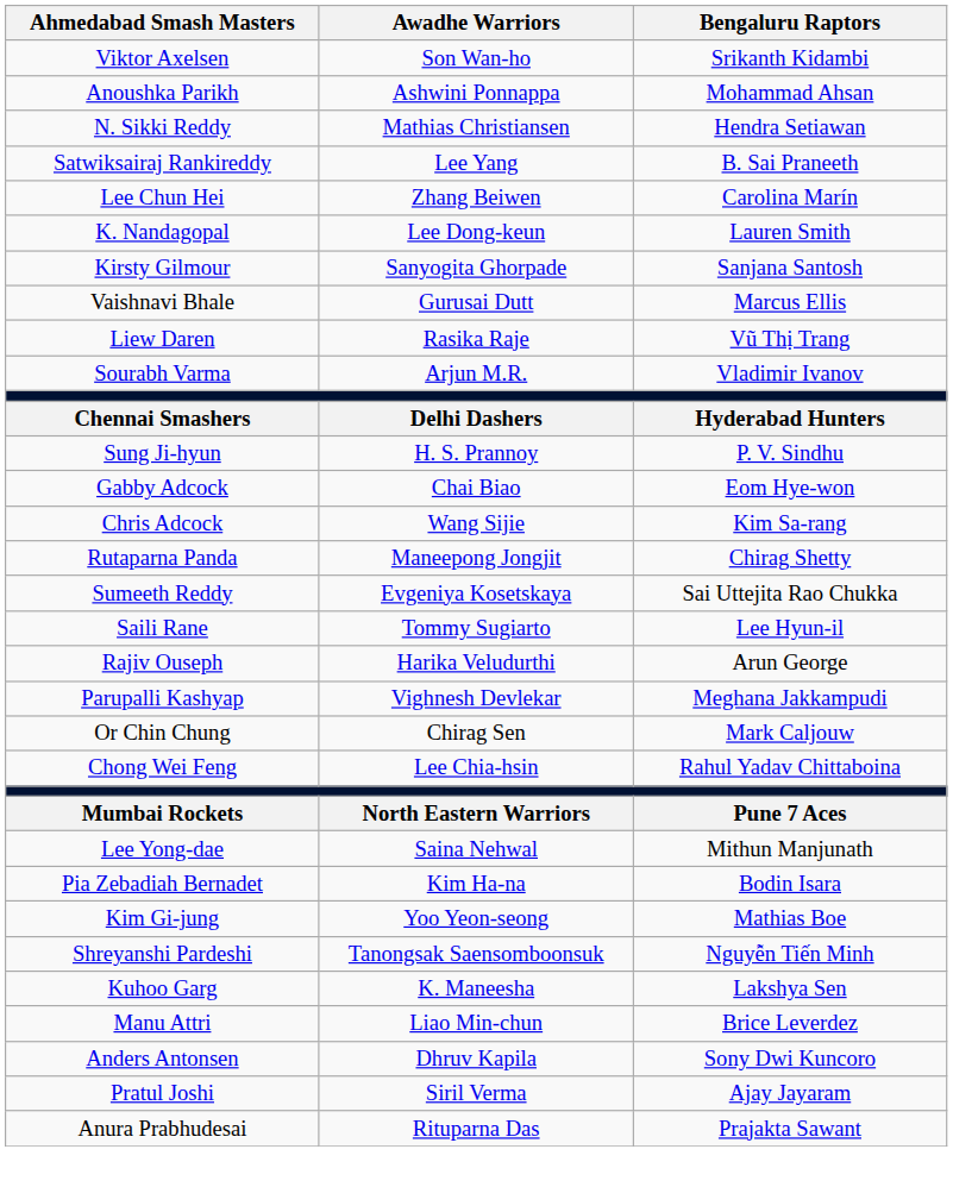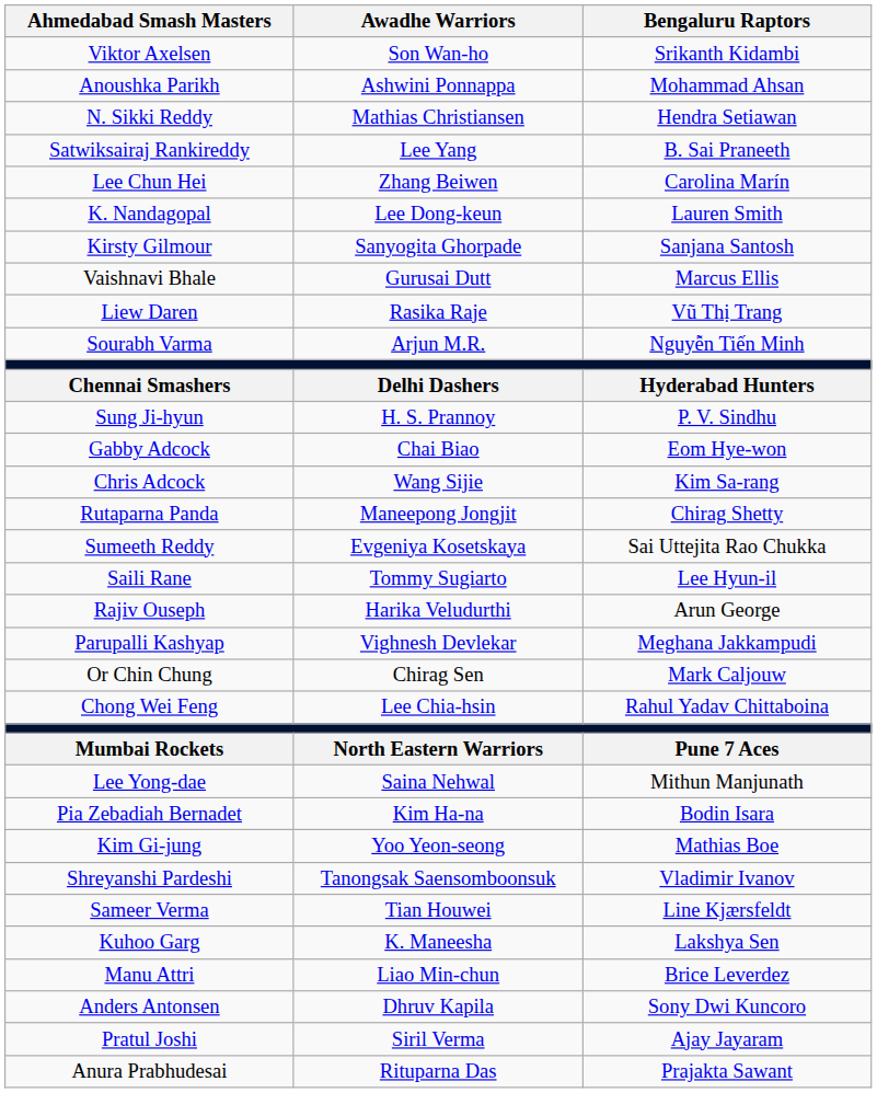 <table class="wikitable" style="text-align:center;">
 <tr>
 <th style="width: 220px;">Ahmedabad Smash Masters</th>
 <th style="width: 220px;">Awadhe Warriors</th>
 <th style="width: 220px;">Bengaluru Raptors</th>
 </tr>
 <tr>
 <td> <a href='#'>Viktor Axelsen</a></td>
 <td> <a href='#'>Son Wan-ho</a></td>
 <td> <a href='#'>Srikanth Kidambi</a></td>
 </tr>
 <tr>
 <td> <a href='#'>Anoushka Parikh</a></td>
 <td> <a href='#'>Ashwini Ponnappa</a></td>
 <td> <a href='#'>Mohammad Ahsan</a></td>
 </tr>
 <tr>
 <td> <a href='#'>N. Sikki Reddy</a></td>
 <td> <a href='#'>Mathias Christiansen</a></td>
 <td> <a href='#'>Hendra Setiawan</a></td>
 </tr>
 <tr>
 <td> <a href='#'>Satwiksairaj Rankireddy</a></td>
 <td> <a href='#'>Lee Yang</a></td>
 <td> <a href='#'>B. Sai Praneeth</a></td>
 </tr>
 <tr>
 <td> <a href='#'>Lee Chun Hei</a></td>
 <td> <a href='#'>Zhang Beiwen</a></td>
 <td> <a href='#'>Carolina Marín</a></td>
 </tr>
 <tr>
 <td> <a href='#'>K. Nandagopal</a></td>
 <td> <a href='#'>Lee Dong-keun</a></td>
 <td> <a href='#'>Lauren Smith</a></td>
 </tr>
 <tr>
 <td> <a href='#'>Kirsty Gilmour</a></td>
 <td> <a href='#'>Sanyogita Ghorpade</a></td>
 <td> <a href='#'>Sanjana Santosh</a></td>
 </tr>
 <tr>
 <td> Vaishnavi Bhale</td>
 <td> <a href='#'>Gurusai Dutt</a></td>
 <td> <a href='#'>Marcus Ellis</a></td>
 </tr>
 <tr>
 <td> <a href='#'>Liew Daren</a></td>
 <td> <a href='#'>Rasika Raje</a></td>
 <td> <a href='#'>Vũ Thị Trang</a></td>
 </tr>
 <tr>
 <td> <a href='#'>Sourabh Varma</a></td>
 <td> <a href='#'>Arjun M.R.</a></td>
-<td> <a href='#'>Vladimir Ivanov</a></td>
+<td> <a href='#'>Nguyễn Tiến Minh</a></td>
 </tr>
 <tr>
 <td colspan="3" style="background:#013;"></td>
 </tr>
 <tr>
 <th>Chennai Smashers</th>
 <th>Delhi Dashers</th>
 <th>Hyderabad Hunters</th>
 </tr>
 <tr>
 <td> <a href='#'>Sung Ji-hyun</a></td>
 <td> <a href='#'>H. S. Prannoy</a></td>
 <td> <a href='#'>P. V. Sindhu</a></td>
 </tr>
 <tr>
 <td> <a href='#'>Gabby Adcock</a></td>
 <td> <a href='#'>Chai Biao</a></td>
 <td> <a href='#'>Eom Hye-won</a></td>
 </tr>
 <tr>
 <td> <a href='#'>Chris Adcock</a></td>
 <td> <a href='#'>Wang Sijie</a></td>
 <td> <a href='#'>Kim Sa-rang</a></td>
 </tr>
 <tr>
 <td> <a href='#'>Rutaparna Panda</a></td>
 <td> <a href='#'>Maneepong Jongjit</a></td>
 <td> <a href='#'>Chirag Shetty</a></td>
 </tr>
 <tr>
 <td> <a href='#'>Sumeeth Reddy</a></td>
 <td> <a href='#'>Evgeniya Kosetskaya</a></td>
 <td> Sai Uttejita Rao Chukka</td>
 </tr>
 <tr>
 <td> <a href='#'>Saili Rane</a></td>
 <td> <a href='#'>Tommy Sugiarto</a></td>
 <td> <a href='#'>Lee Hyun-il</a></td>
 </tr>
 <tr>
 <td> <a href='#'>Rajiv Ouseph</a></td>
 <td> <a href='#'>Harika Veludurthi</a></td>
 <td> Arun George</td>
 </tr>
 <tr>
 <td> <a href='#'>Parupalli Kashyap</a></td>
 <td> <a href='#'>Vighnesh Devlekar</a></td>
 <td> <a href='#'>Meghana Jakkampudi</a></td>
 </tr>
 <tr>
 <td> Or Chin Chung</td>
 <td> Chirag Sen</td>
 <td> <a href='#'>Mark Caljouw</a></td>
 </tr>
 <tr>
 <td> <a href='#'>Chong Wei Feng</a></td>
 <td> <a href='#'>Lee Chia-hsin</a></td>
 <td> <a href='#'>Rahul Yadav Chittaboina</a></td>
 </tr>
 <tr>
 <td colspan="3" style="background:#013;"></td>
 </tr>
 <tr>
 <th style="width: 220px;">Mumbai Rockets</th>
 <th style="width: 220px;">North Eastern Warriors</th>
 <th style="width: 220px;">Pune 7 Aces</th>
 </tr>
 <tr>
 <td> <a href='#'>Lee Yong-dae</a></td>
 <td> <a href='#'>Saina Nehwal</a></td>
 <td> Mithun Manjunath</td>
 </tr>
 <tr>
 <td> <a href='#'>Pia Zebadiah Bernadet</a></td>
 <td> <a href='#'>Kim Ha-na</a></td>
 <td> <a href='#'>Bodin Isara</a></td>
 </tr>
 <tr>
 <td> <a href='#'>Kim Gi-jung</a></td>
 <td> <a href='#'>Yoo Yeon-seong</a></td>
 <td> <a href='#'>Mathias Boe</a></td>
 </tr>
 <tr>
 <td> <a href='#'>Shreyanshi Pardeshi</a></td>
 <td> <a href='#'>Tanongsak Saensomboonsuk</a></td>
-<td> <a href='#'>Nguyễn Tiến Minh</a></td>
+<td> <a href='#'>Vladimir Ivanov</a></td>
+</tr>
+<tr>
+<td> <a href='#'>Sameer Verma</a></td>
+<td> <a href='#'>Tian Houwei</a></td>
+<td> <a href='#'>Line Kjærsfeldt</a></td>
 </tr>
 <tr>
 <td> <a href='#'>Kuhoo Garg</a></td>
 <td> <a href='#'>K. Maneesha</a></td>
 <td> <a href='#'>Lakshya Sen</a></td>
 </tr>
 <tr>
 <td> <a href='#'>Manu Attri</a></td>
 <td> <a href='#'>Liao Min-chun</a></td>
 <td> <a href='#'>Brice Leverdez</a></td>
 </tr>
 <tr>
 <td> <a href='#'>Anders Antonsen</a></td>
 <td> <a href='#'>Dhruv Kapila</a></td>
 <td> <a href='#'>Sony Dwi Kuncoro</a></td>
 </tr>
 <tr>
 <td> <a href='#'>Pratul Joshi</a></td>
 <td> <a href='#'>Siril Verma</a></td>
 <td> <a href='#'>Ajay Jayaram</a></td>
 </tr>
 <tr>
 <td> Anura Prabhudesai</td>
 <td> <a href='#'>Rituparna Das</a></td>
 <td> <a href='#'>Prajakta Sawant</a></td>
 </tr>
 </table>
